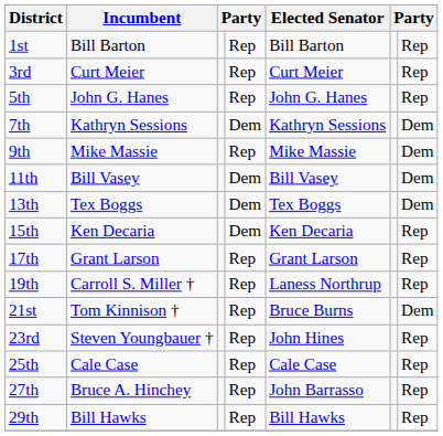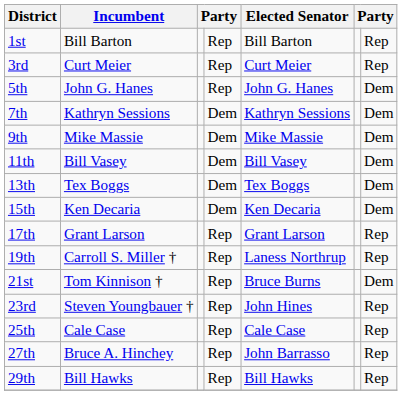 <table class="sortable wikitable">
 <tr>
 <th class="unsortable">District</th>
 <th class="unsortable"><a href='#'>Incumbent</a></th>
 <th colspan="2">Party</th>
 <th class="unsortable">Elected Senator</th>
 <th colspan="2">Party</th>
 </tr>
 <tr>
 <td><a href='#'>1st</a></td>
 <td>Bill Barton</td>
 <td style="background:"></td>
 <td>Rep</td>
 <td>Bill Barton</td>
 <td style="background:"></td>
 <td>Rep</td>
 </tr>
 <tr>
 <td><a href='#'>3rd</a></td>
 <td><a href='#'>Curt Meier</a></td>
 <td style="background:"></td>
 <td>Rep</td>
 <td><a href='#'>Curt Meier</a></td>
 <td style="background:"></td>
 <td>Rep</td>
 </tr>
 <tr>
 <td><a href='#'>5th</a></td>
 <td><a href='#'>John G. Hanes</a></td>
 <td style="background:"></td>
 <td>Rep</td>
 <td><a href='#'>John G. Hanes</a></td>
 <td style="background:"></td>
-<td>Rep</td>
+<td>Dem</td>
 </tr>
 <tr>
 <td><a href='#'>7th</a></td>
 <td><a href='#'>Kathryn Sessions</a></td>
 <td style="background:"></td>
 <td>Dem</td>
 <td><a href='#'>Kathryn Sessions</a></td>
 <td style="background:"></td>
 <td>Dem</td>
 </tr>
 <tr>
 <td><a href='#'>9th</a></td>
 <td><a href='#'>Mike Massie</a></td>
 <td style="background:"></td>
-<td>Rep</td>
+<td>Dem</td>
 <td><a href='#'>Mike Massie</a></td>
 <td style="background:"></td>
 <td>Dem</td>
 </tr>
 <tr>
 <td><a href='#'>11th</a></td>
 <td><a href='#'>Bill Vasey</a></td>
 <td style="background:"></td>
 <td>Dem</td>
 <td><a href='#'>Bill Vasey</a></td>
 <td style="background:"></td>
 <td>Dem</td>
 </tr>
 <tr>
 <td><a href='#'>13th</a></td>
 <td><a href='#'>Tex Boggs</a></td>
 <td style="background:"></td>
 <td>Dem</td>
 <td><a href='#'>Tex Boggs</a></td>
 <td style="background:"></td>
 <td>Dem</td>
 </tr>
 <tr>
 <td><a href='#'>15th</a></td>
 <td><a href='#'>Ken Decaria</a></td>
 <td style="background:"></td>
 <td>Dem</td>
 <td><a href='#'>Ken Decaria</a></td>
 <td style="background:"></td>
-<td>Rep</td>
+<td>Dem</td>
 </tr>
 <tr>
 <td><a href='#'>17th</a></td>
 <td><a href='#'>Grant Larson</a></td>
 <td style="background:"></td>
 <td>Rep</td>
 <td><a href='#'>Grant Larson</a></td>
 <td style="background:"></td>
 <td>Rep</td>
 </tr>
 <tr>
 <td><a href='#'>19th</a></td>
 <td><a href='#'>Carroll S. Miller</a> †</td>
 <td style="background:"></td>
 <td>Rep</td>
 <td><a href='#'>Laness Northrup</a></td>
 <td style="background:"></td>
 <td>Rep</td>
 </tr>
 <tr>
 <td><a href='#'>21st</a></td>
 <td><a href='#'>Tom Kinnison</a> †</td>
 <td style="background:"></td>
 <td>Rep</td>
 <td><a href='#'>Bruce Burns</a></td>
 <td style="background:"></td>
 <td>Dem</td>
 </tr>
 <tr>
 <td><a href='#'>23rd</a></td>
 <td><a href='#'>Steven Youngbauer</a> †</td>
 <td style="background:"></td>
 <td>Rep</td>
 <td><a href='#'>John Hines</a></td>
 <td style="background:"></td>
 <td>Rep</td>
 </tr>
 <tr>
 <td><a href='#'>25th</a></td>
 <td><a href='#'>Cale Case</a></td>
 <td style="background:"></td>
 <td>Rep</td>
 <td><a href='#'>Cale Case</a></td>
 <td style="background:"></td>
 <td>Rep</td>
 </tr>
 <tr>
 <td><a href='#'>27th</a></td>
 <td><a href='#'>Bruce A. Hinchey</a></td>
 <td style="background:"></td>
 <td>Rep</td>
 <td><a href='#'>John Barrasso</a></td>
 <td style="background:"></td>
 <td>Rep</td>
 </tr>
 <tr>
 <td><a href='#'>29th</a></td>
 <td><a href='#'>Bill Hawks</a></td>
 <td style="background:"></td>
 <td>Rep</td>
 <td><a href='#'>Bill Hawks</a></td>
 <td style="background:"></td>
 <td>Rep</td>
 </tr>
 <tr>
 </tr>
 </table>
